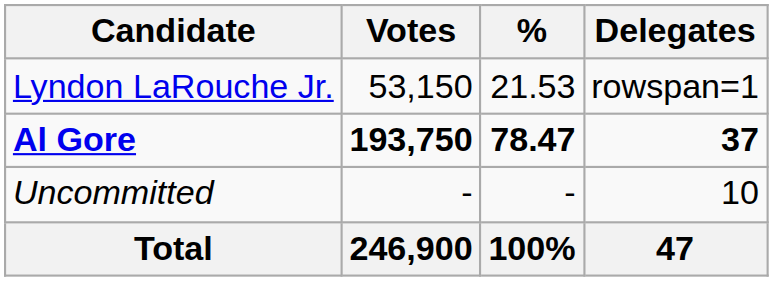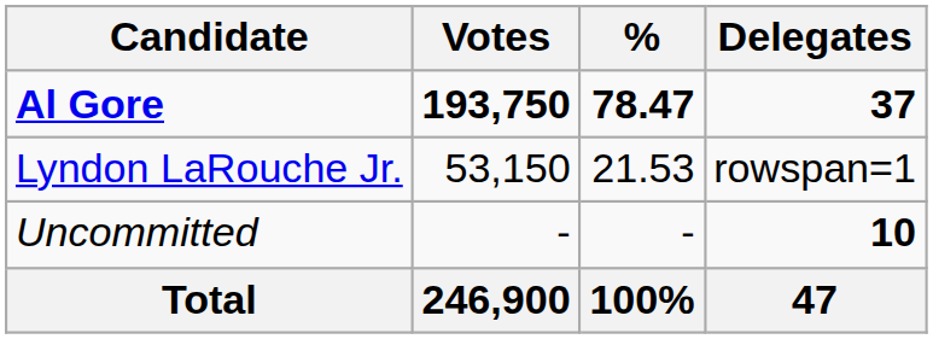 <table class="wikitable sortable" style="text-align:right;">
 <tr>
 <th>Candidate</th>
 <th>Votes</th>
 <th>%</th>
 <th>Delegates</th>
 </tr>
 <tr>
+<td style="text-align:left;" data-sort-value="Gore, Al"><strong><a href='#'>Al Gore</a></strong></td>
+<td><strong>193,750</strong></td>
+<td><strong>78.47</strong></td>
+<td><strong>37</strong></td>
+</tr>
+<tr>
 <td style="text-align:left;" data-sort-value="LaRouche Jr., Lyndon"><a href='#'>Lyndon LaRouche Jr.</a></td>
 <td>53,150</td>
 <td>21.53</td>
 <td>rowspan=1 </td>
 </tr>
 <tr>
-<td style="text-align:left;" data-sort-value="Gore, Al"><strong><a href='#'>Al Gore</a></strong></td>
-<td><strong>193,750</strong></td>
-<td><strong>78.47</strong></td>
-<td><strong>37</strong></td>
-</tr>
-<tr>
 <td style="text-align:left;" data-sort-value="ZZZ"><em>Uncommitted</em></td>
 <td>-</td>
 <td>-</td>
-<td>10</td>
+<td><strong>10</strong></td>
 </tr>
 <tr>
 <th>Total</th>
 <th>246,900</th>
 <th>100%</th>
 <th>47</th>
 </tr>
 </table>
